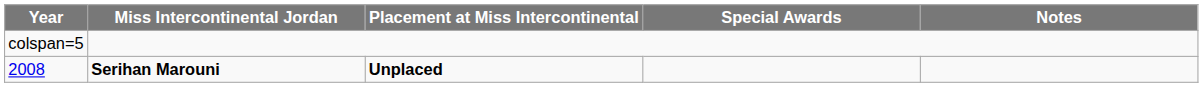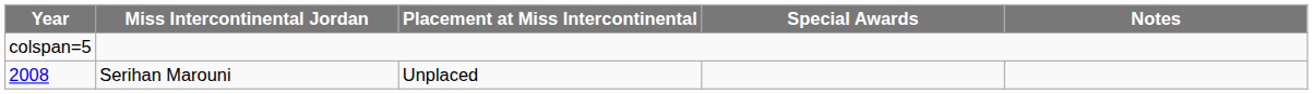 <table class="wikitable " style="font-size: 95%;">
 <tr>
 <th width="60" style="background-color:#787878;color:#FFFFFF;">Year</th>
 <th width="250" style="background-color:#787878;color:#FFFFFF;">Miss Intercontinental Jordan</th>
 <th width="250" style="background-color:#787878;color:#FFFFFF;">Placement at Miss Intercontinental</th>
 <th width="250" style="background-color:#787878;color:#FFFFFF;">Special Awards</th>
 <th width="250" style="background-color:#787878;color:#FFFFFF;">Notes</th>
 </tr>
 <tr>
 <td>colspan=5 </td>
 </tr>
 <tr>
 <td><a href='#'>2008</a></td>
-<td><strong>Serihan Marouni</strong></td>
-<td><strong>Unplaced</strong></td>
+<td>Serihan Marouni</td>
+<td>Unplaced</td>
 <td></td>
 <td></td>
 </tr>
 </table>
